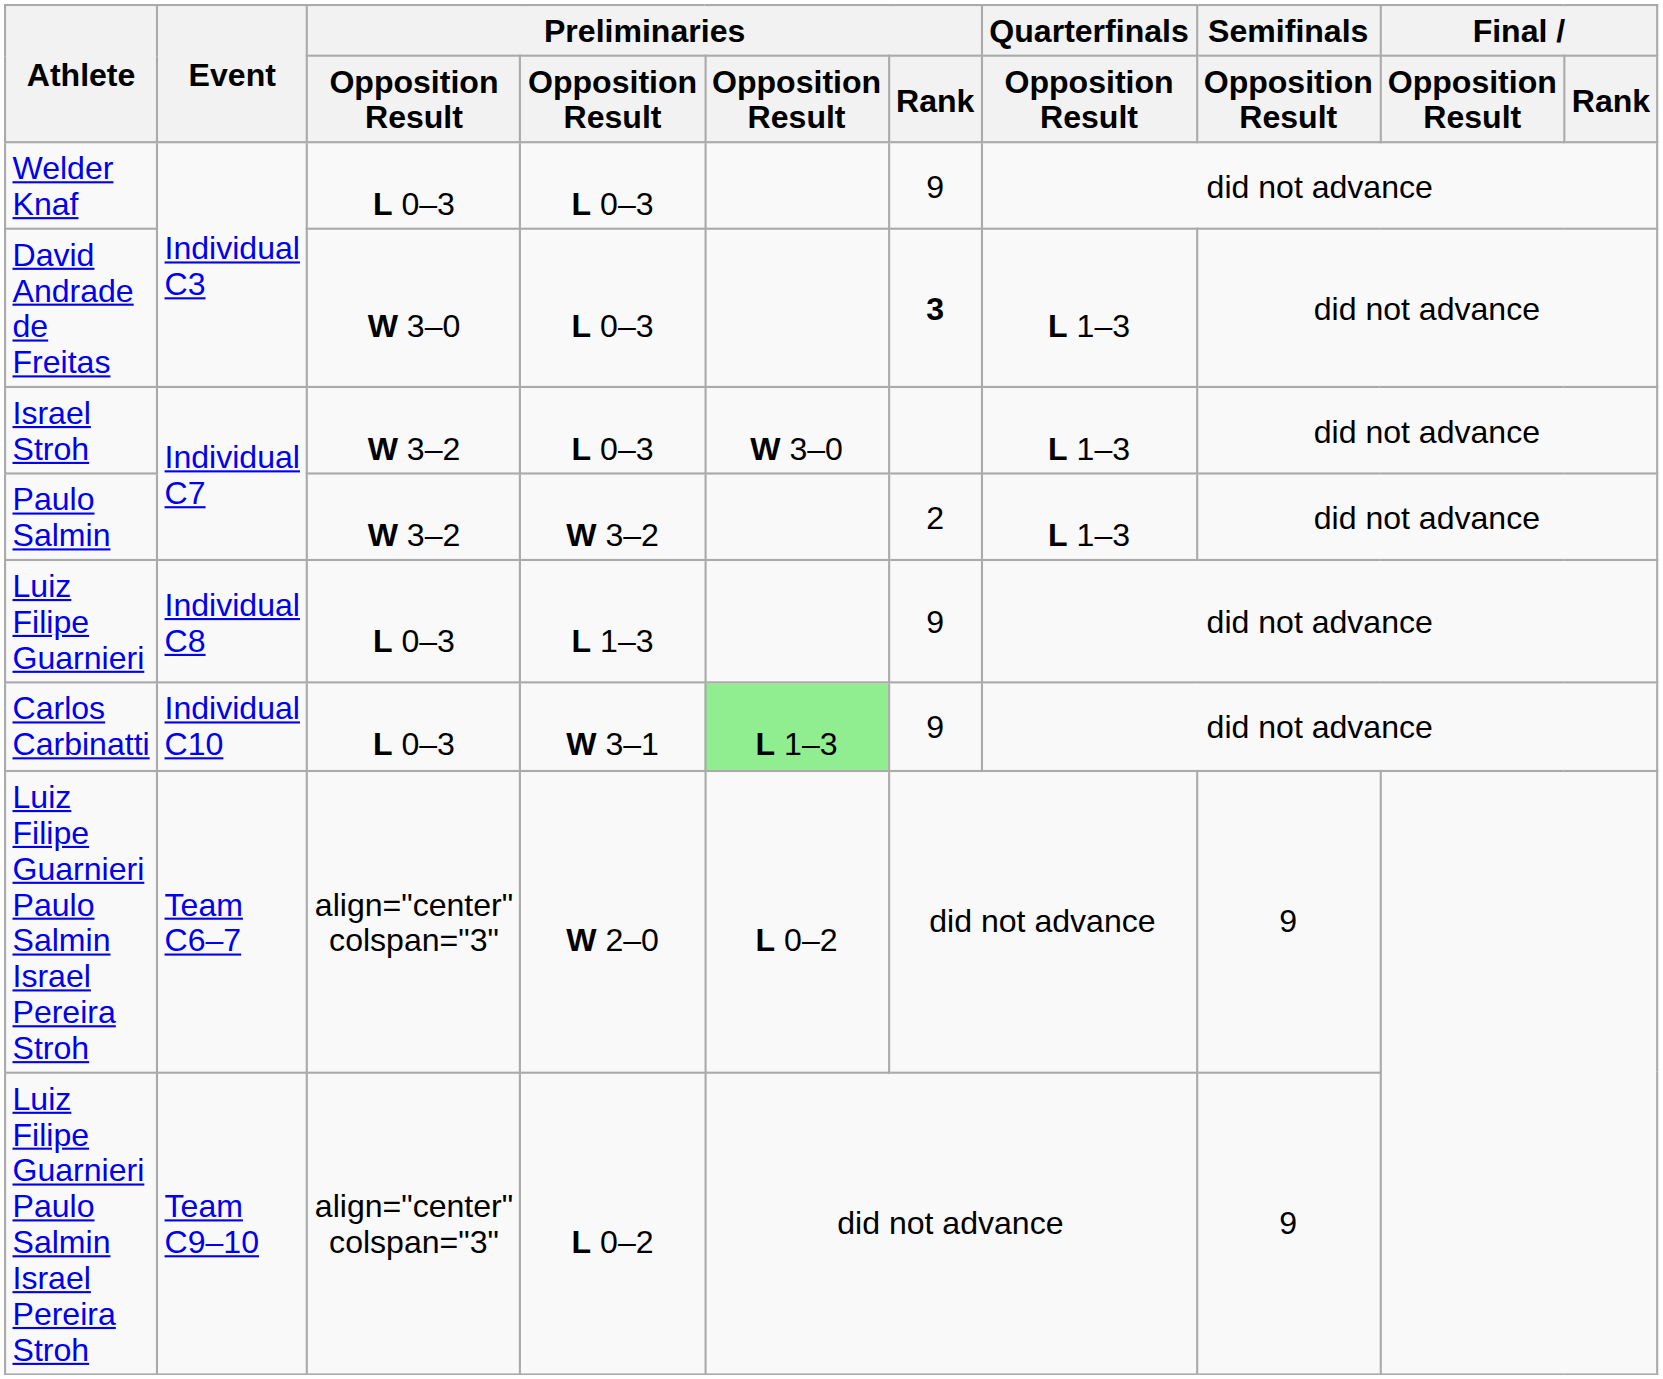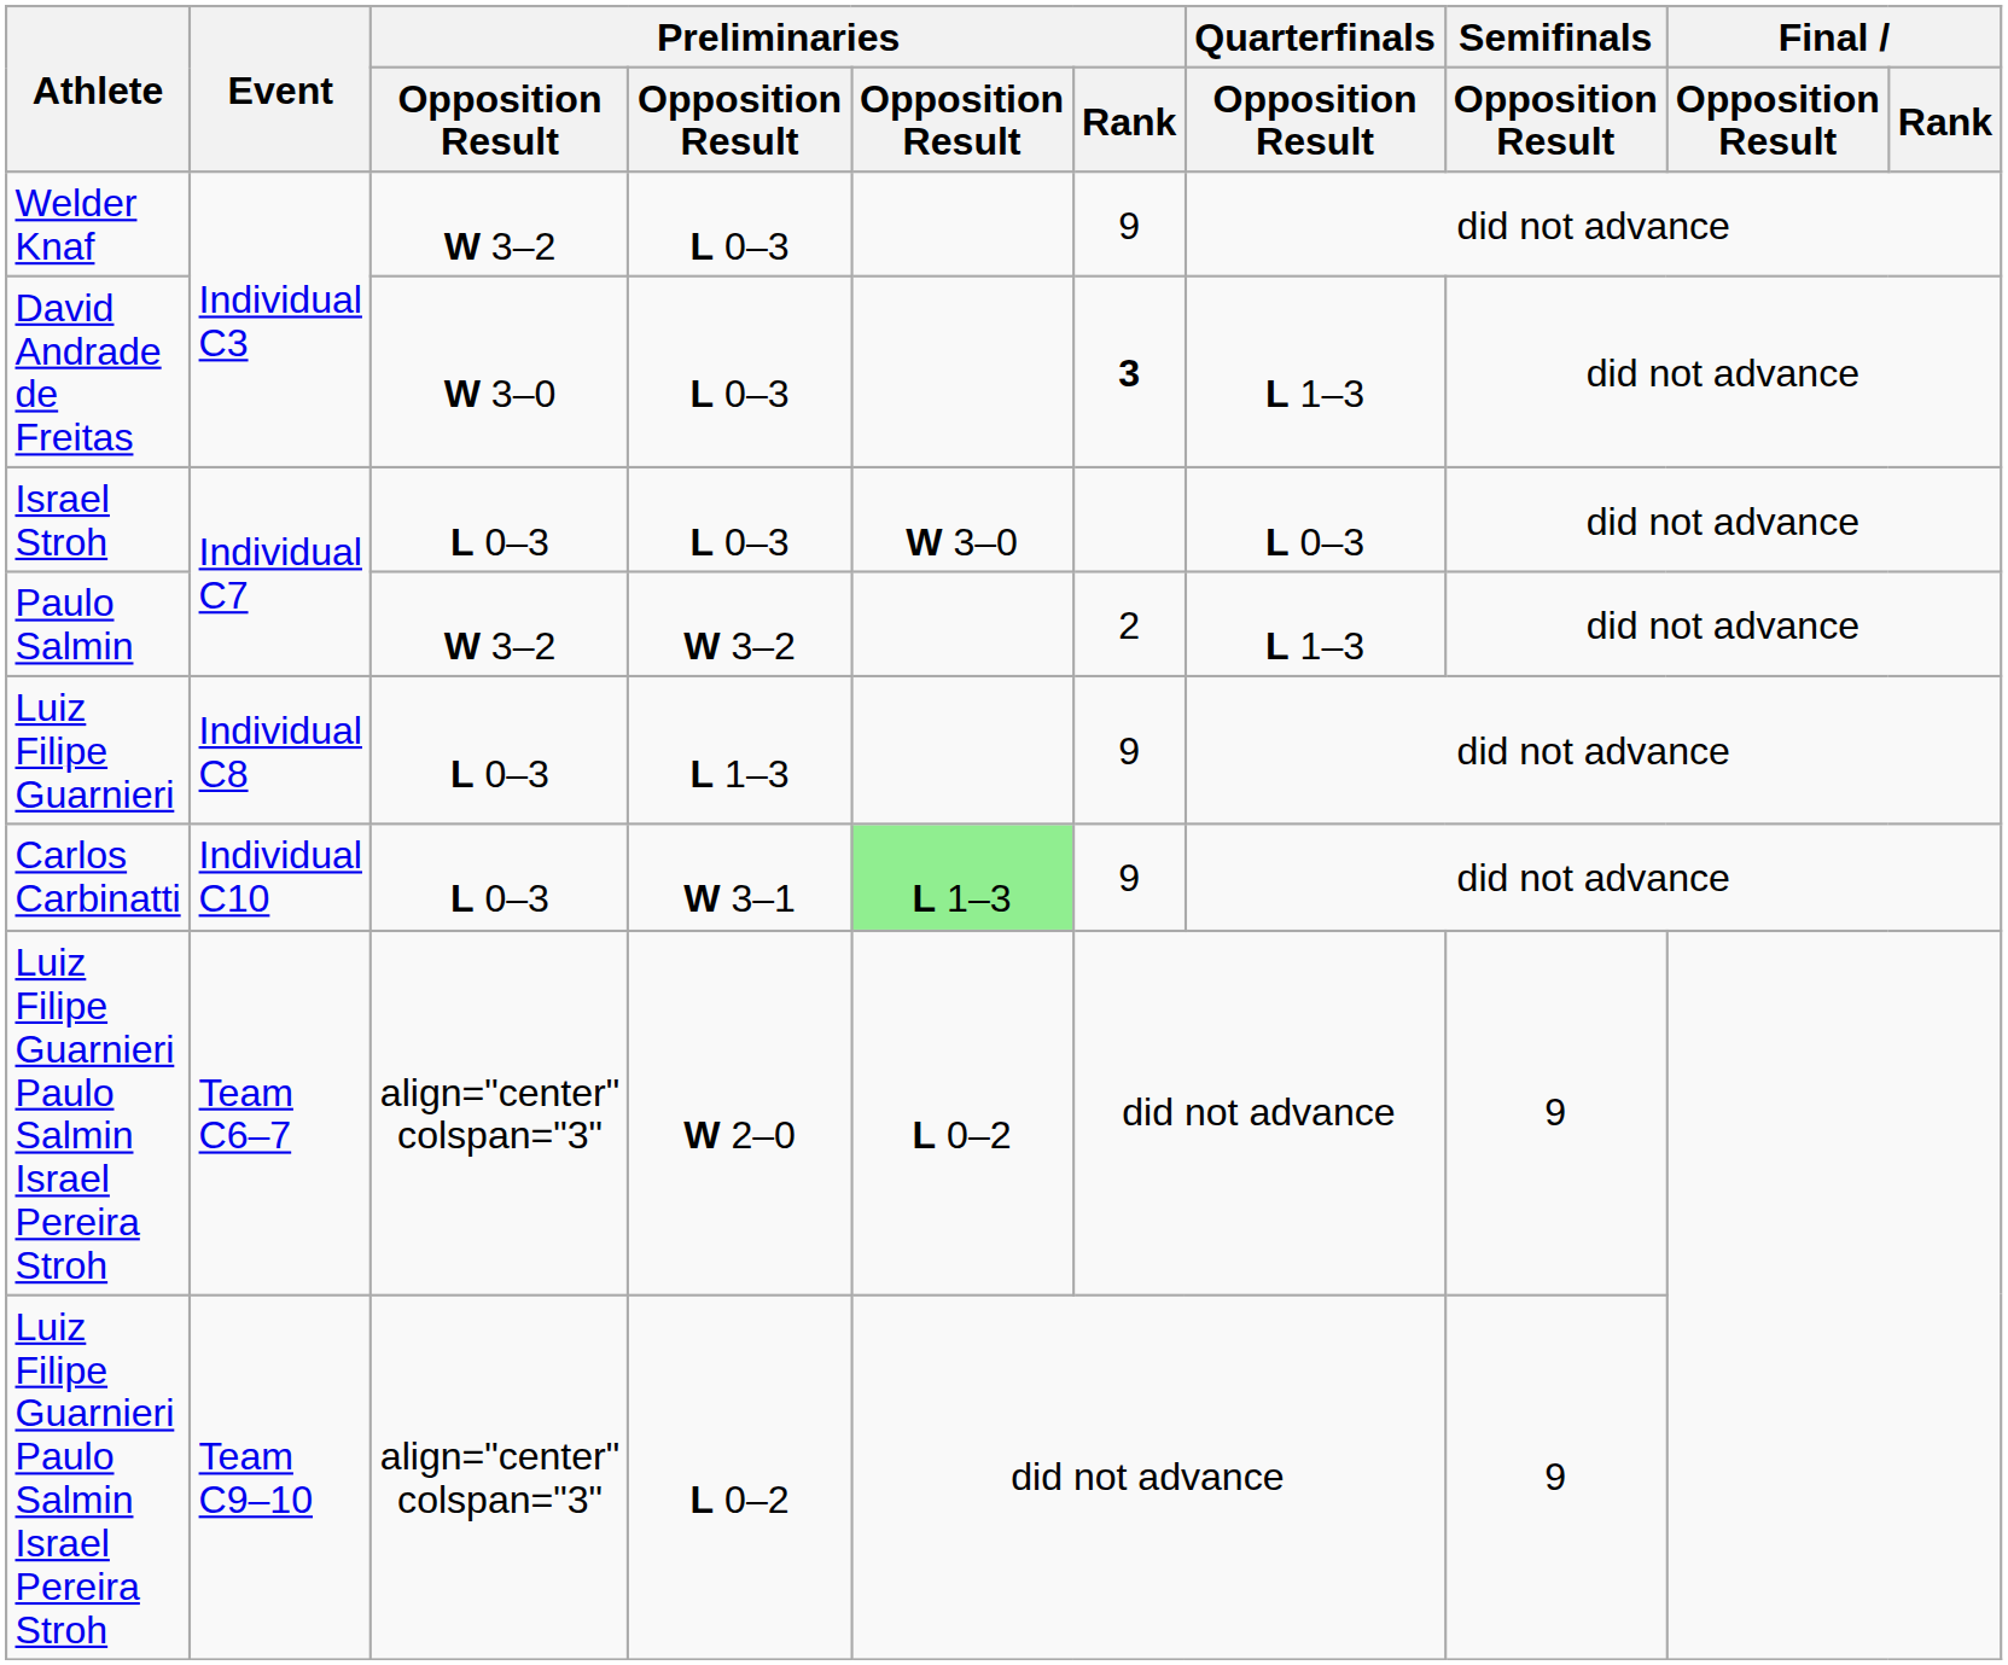 <table class=wikitable style="font-size:95%">
 <tr>
 <th rowspan="2">Athlete</th>
 <th rowspan="2">Event</th>
 <th colspan="4">Preliminaries</th>
 <th>Quarterfinals</th>
 <th>Semifinals</th>
 <th colspan="2">Final / </th>
 </tr>
 <tr>
 <th>Opposition<br>Result</th>
 <th>Opposition<br>Result</th>
 <th>Opposition<br>Result</th>
 <th>Rank</th>
 <th>Opposition<br>Result</th>
 <th>Opposition<br>Result</th>
 <th>Opposition<br>Result</th>
 <th>Rank</th>
 </tr>
 <tr align=center>
 <td align=left><a href='#'>Welder Knaf</a></td>
 <td rowspan="2" align="left"><a href='#'>Individual C3</a></td>
-<td><br><strong>L</strong> 0–3</td>
+<td><br><strong>W</strong> 3–2</td>
 <td><br><strong>L</strong> 0–3</td>
 <td></td>
 <td>9</td>
 <td colspan="4">did not advance</td>
 </tr>
 <tr align=center>
 <td align=left><a href='#'>David Andrade de Freitas</a></td>
 <td><br><strong>W</strong> 3–0</td>
 <td><br><strong>L</strong> 0–3</td>
 <td></td>
 <td><strong>3</strong></td>
 <td><br><strong>L</strong> 1–3</td>
 <td colspan="3">did not advance</td>
 </tr>
 <tr align=center>
 <td align=left><a href='#'>Israel Stroh</a></td>
 <td rowspan="2" align="left"><a href='#'>Individual C7</a></td>
-<td><br><strong>W</strong> 3–2</td>
+<td><br><strong>L</strong> 0–3</td>
 <td><br><strong>L</strong> 0–3</td>
 <td><br><strong>W</strong> 3–0</td>
 <td></td>
-<td><br><strong>L</strong> 1–3</td>
+<td><br><strong>L</strong> 0–3</td>
 <td colspan="3">did not advance</td>
 </tr>
 <tr align=center>
 <td align=left><a href='#'>Paulo Salmin</a></td>
 <td><br><strong>W</strong> 3–2</td>
 <td><br><strong>W</strong> 3–2</td>
 <td></td>
 <td>2</td>
 <td><br><strong>L</strong> 1–3</td>
 <td colspan="3">did not advance</td>
 </tr>
 <tr align=center>
 <td align=left><a href='#'>Luiz Filipe Guarnieri</a></td>
 <td align=left><a href='#'>Individual C8</a></td>
 <td><br><strong>L</strong> 0–3</td>
 <td><br><strong>L</strong> 1–3</td>
 <td></td>
 <td>9</td>
 <td colspan="4">did not advance</td>
 </tr>
 <tr align=center>
 <td align=left><a href='#'>Carlos Carbinatti</a></td>
 <td align=left><a href='#'>Individual C10</a></td>
 <td><br><strong>L</strong> 0–3</td>
 <td><br><strong>W</strong> 3–1</td>
 <td style="background: lightgreen;"><br><strong>L</strong> 1–3</td>
 <td>9</td>
 <td colspan="5">did not advance</td>
 </tr>
 <tr align=center>
 <td align=left><a href='#'>Luiz Filipe Guarnieri</a><br><a href='#'>Paulo Salmin</a><br><a href='#'>Israel Pereira Stroh</a></td>
 <td align=left><a href='#'>Team C6–7</a></td>
 <td>align="center" colspan="3" </td>
 <td><br> <strong>W</strong> 2–0</td>
 <td><br> <strong>L</strong> 0–2</td>
 <td colspan="2">did not advance</td>
 <td>9</td>
 </tr>
 <tr align=center>
 <td align=left><a href='#'>Luiz Filipe Guarnieri</a><br><a href='#'>Paulo Salmin</a><br><a href='#'>Israel Pereira Stroh</a></td>
 <td align=left><a href='#'>Team C9–10</a></td>
 <td>align="center" colspan="3" </td>
 <td><br> <strong>L</strong> 0–2</td>
 <td colspan="3">did not advance</td>
 <td>9</td>
 </tr>
 </table>
